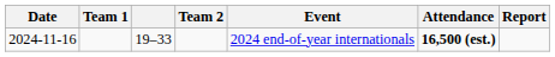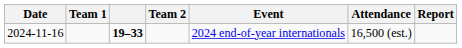 <table class="wikitable" style="text-align: left;">
 <tr>
 <th>Date</th>
 <th>Team 1</th>
 <th></th>
 <th>Team 2</th>
 <th>Event</th>
 <th>Attendance</th>
 <th>Report</th>
 </tr>
 <tr>
 <td>2024-11-16</td>
 <td></td>
-<td style="text-align:center;">19–33</td>
+<td style="text-align:center;"><strong>19–33</strong></td>
 <td rowspan="2"></td>
 <td rowspan="3"><a href='#'>2024 end-of-year internationals</a></td>
-<td><strong>16,500 (est.)</strong></td>
+<td>16,500 (est.)</td>
 <td></td>
 </tr>
 </table>
